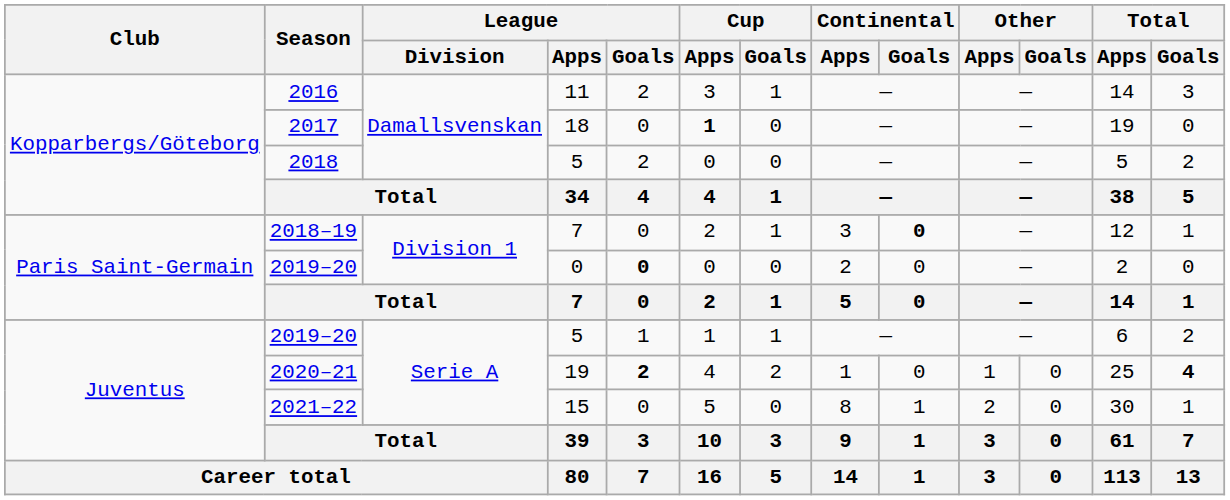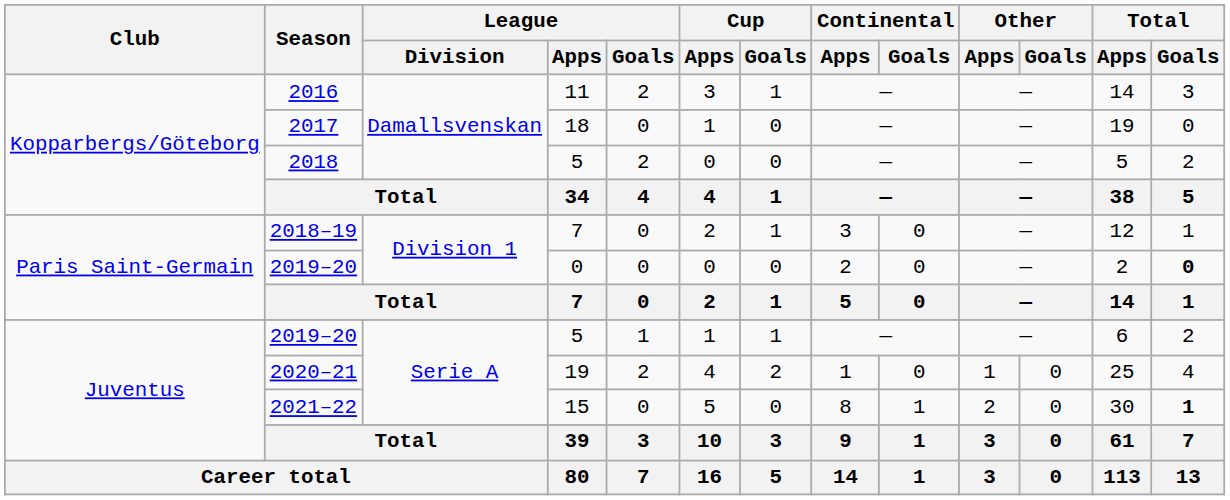 <table class="wikitable" style="font-size:90%; text-align:center;">
 <tr>
 <th rowspan="2">Club</th>
 <th rowspan="2">Season</th>
 <th colspan="3">League</th>
 <th colspan="2">Cup</th>
 <th colspan="2">Continental</th>
 <th colspan="2">Other</th>
 <th colspan="2">Total</th>
 </tr>
 <tr>
 <th>Division</th>
 <th>Apps</th>
 <th>Goals</th>
 <th>Apps</th>
 <th>Goals</th>
 <th>Apps</th>
 <th>Goals</th>
 <th>Apps</th>
 <th>Goals</th>
 <th>Apps</th>
 <th>Goals</th>
 </tr>
 <tr>
 <td rowspan="4"><a href='#'>Kopparbergs/Göteborg</a></td>
 <td><a href='#'>2016</a></td>
 <td rowspan="3"><a href='#'>Damallsvenskan</a></td>
 <td>11</td>
 <td>2</td>
 <td>3</td>
 <td>1</td>
 <td colspan="2">—</td>
 <td colspan="2">—</td>
 <td>14</td>
 <td>3</td>
 </tr>
 <tr>
 <td><a href='#'>2017</a></td>
 <td>18</td>
 <td>0</td>
-<td><strong>1</strong></td>
+<td>1</td>
 <td>0</td>
 <td colspan="2">—</td>
 <td colspan="2">—</td>
 <td>19</td>
 <td>0</td>
 </tr>
 <tr>
 <td><a href='#'>2018</a></td>
 <td>5</td>
 <td>2</td>
 <td>0</td>
 <td>0</td>
 <td colspan="2">—</td>
 <td colspan="2">—</td>
 <td>5</td>
 <td>2</td>
 </tr>
 <tr>
 <th colspan=2>Total</th>
 <th>34</th>
 <th>4</th>
 <th>4</th>
 <th>1</th>
 <th colspan="2">—</th>
 <th colspan="2">—</th>
 <th>38</th>
 <th>5</th>
 </tr>
 <tr>
 <td rowspan="3"><a href='#'>Paris Saint-Germain</a></td>
 <td><a href='#'>2018–19</a></td>
 <td rowspan="2"><a href='#'>Division 1</a></td>
 <td>7</td>
 <td>0</td>
 <td>2</td>
 <td>1</td>
 <td>3</td>
-<td><strong>0</strong></td>
+<td>0</td>
 <td colspan="2">—</td>
 <td>12</td>
 <td>1</td>
 </tr>
 <tr>
 <td><a href='#'>2019–20</a></td>
 <td>0</td>
-<td><strong>0</strong></td>
+<td>0</td>
 <td>0</td>
 <td>0</td>
 <td>2</td>
 <td>0</td>
 <td colspan="2">—</td>
 <td>2</td>
-<td>0</td>
+<td><strong>0</strong></td>
 </tr>
 <tr>
 <th colspan=2>Total</th>
 <th>7</th>
 <th>0</th>
 <th>2</th>
 <th>1</th>
 <th>5</th>
 <th>0</th>
 <th colspan="2">—</th>
 <th>14</th>
 <th>1</th>
 </tr>
 <tr>
 <td rowspan="4"><a href='#'>Juventus</a></td>
 <td><a href='#'>2019–20</a></td>
 <td rowspan="3"><a href='#'>Serie A</a></td>
 <td>5</td>
 <td>1</td>
 <td>1</td>
 <td>1</td>
 <td colspan="2">—</td>
 <td colspan="2">—</td>
 <td>6</td>
 <td>2</td>
 </tr>
 <tr>
 <td><a href='#'>2020–21</a></td>
 <td>19</td>
-<td><strong>2</strong></td>
+<td>2</td>
 <td>4</td>
 <td>2</td>
 <td>1</td>
 <td>0</td>
 <td>1</td>
 <td>0</td>
 <td>25</td>
-<td><strong>4</strong></td>
+<td>4</td>
 </tr>
 <tr>
 <td><a href='#'>2021–22</a></td>
 <td>15</td>
 <td>0</td>
 <td>5</td>
 <td>0</td>
 <td>8</td>
 <td>1</td>
 <td>2</td>
 <td>0</td>
 <td>30</td>
-<td>1</td>
+<td><strong>1</strong></td>
 </tr>
 <tr>
 <th colspan=2>Total</th>
 <th>39</th>
 <th>3</th>
 <th>10</th>
 <th>3</th>
 <th>9</th>
 <th>1</th>
 <th>3</th>
 <th>0</th>
 <th>61</th>
 <th>7</th>
 </tr>
 <tr>
 <th colspan=3>Career total</th>
 <th>80</th>
 <th>7</th>
 <th>16</th>
 <th>5</th>
 <th>14</th>
 <th>1</th>
 <th>3</th>
 <th>0</th>
 <th>113</th>
 <th>13</th>
 </tr>
 </table>
